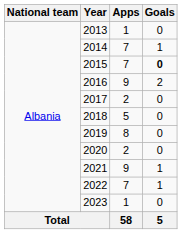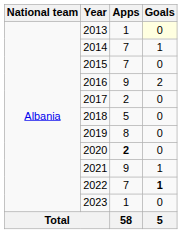 <table class="wikitable" style="text-align:center">
 <tr>
 <th>National team</th>
 <th>Year</th>
 <th>Apps</th>
 <th>Goals</th>
 </tr>
 <tr>
 <td rowspan="11"><a href='#'>Albania</a></td>
 <td>2013</td>
 <td>1</td>
-<td>0</td>
+<td style="background: lightyellow;">0</td>
 </tr>
 <tr>
 <td>2014</td>
 <td>7</td>
 <td>1</td>
 </tr>
 <tr>
 <td>2015</td>
 <td>7</td>
-<td><strong>0</strong></td>
+<td>0</td>
 </tr>
 <tr>
 <td>2016</td>
 <td>9</td>
 <td>2</td>
 </tr>
 <tr>
 <td>2017</td>
 <td>2</td>
 <td>0</td>
 </tr>
 <tr>
 <td>2018</td>
 <td>5</td>
 <td>0</td>
 </tr>
 <tr>
 <td>2019</td>
 <td>8</td>
 <td>0</td>
 </tr>
 <tr>
 <td>2020</td>
-<td>2</td>
+<td><strong>2</strong></td>
 <td>0</td>
 </tr>
 <tr>
 <td>2021</td>
 <td>9</td>
 <td>1</td>
 </tr>
 <tr>
 <td>2022</td>
 <td>7</td>
-<td>1</td>
+<td><strong>1</strong></td>
 </tr>
 <tr>
 <td>2023</td>
 <td>1</td>
 <td>0</td>
 </tr>
 <tr>
 <th colspan="2">Total</th>
 <th>58</th>
 <th>5</th>
 </tr>
 </table>
